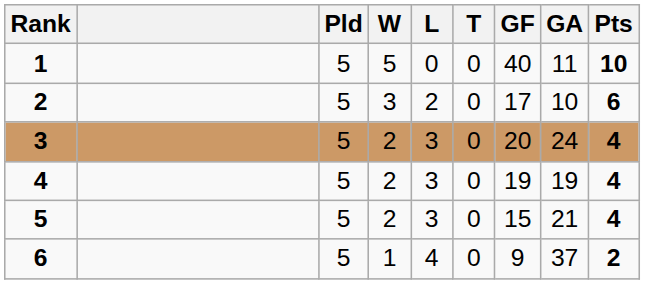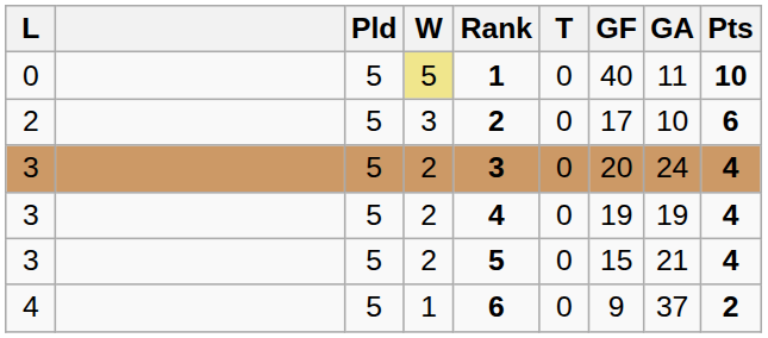 <table class="wikitable">
 <tr>
-<th bgcolor="#efefef" width="20">Rank</th>
+<th bgcolor="#efefef" width="20">L</th>
 <th bgcolor="#efefef" width="150"></th>
 <th bgcolor="#efefef" width="20">Pld</th>
 <th bgcolor="#efefef" width="20">W</th>
-<th bgcolor="#efefef" width="20">L</th>
+<th bgcolor="#efefef" width="20">Rank</th>
 <th bgcolor="#efefef" width="20">T</th>
 <th bgcolor="#efefef" width="20">GF</th>
 <th bgcolor="#efefef" width="20">GA</th>
 <th bgcolor="#efefef" width="20">Pts</th>
 </tr>
 <tr align=center>
-<td><strong>1</strong></td>
+<td>0</td>
 <td align=left></td>
 <td>5</td>
-<td>5</td>
-<td>0</td>
+<td style="background: khaki;">5</td>
+<td><strong>1</strong></td>
 <td>0</td>
 <td>40</td>
 <td>11</td>
 <td><strong>10</strong></td>
 </tr>
 <tr align=center>
-<td><strong>2</strong></td>
+<td>2</td>
 <td align=left></td>
 <td>5</td>
 <td>3</td>
-<td>2</td>
+<td><strong>2</strong></td>
 <td>0</td>
 <td>17</td>
 <td>10</td>
 <td><strong>6</strong></td>
 </tr>
 <tr align=center bgcolor="#cc9966">
-<td><strong>3</strong></td>
+<td>3</td>
 <td align=left> </td>
 <td>5</td>
 <td>2</td>
-<td>3</td>
+<td><strong>3</strong></td>
 <td>0</td>
 <td>20</td>
 <td>24</td>
 <td><strong>4</strong></td>
 </tr>
 <tr align=center>
-<td><strong>4</strong></td>
+<td>3</td>
 <td align=left></td>
 <td>5</td>
 <td>2</td>
-<td>3</td>
+<td><strong>4</strong></td>
 <td>0</td>
 <td>19</td>
 <td>19</td>
 <td><strong>4</strong></td>
 </tr>
 <tr align=center>
-<td><strong>5</strong></td>
+<td>3</td>
 <td align=left></td>
 <td>5</td>
 <td>2</td>
-<td>3</td>
+<td><strong>5</strong></td>
 <td>0</td>
 <td>15</td>
 <td>21</td>
 <td><strong>4</strong></td>
 </tr>
 <tr align=center>
-<td><strong>6</strong></td>
+<td>4</td>
 <td align=left></td>
 <td>5</td>
 <td>1</td>
-<td>4</td>
+<td><strong>6</strong></td>
 <td>0</td>
 <td>9</td>
 <td>37</td>
 <td><strong>2</strong></td>
 </tr>
 </table>
